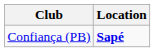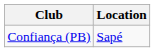 <table class="wikitable sortable">
 <tr>
 <th>Club</th>
 <th>Location</th>
 </tr>
 <tr>
 <td><a href='#'>Confiança (PB)</a></td>
-<td><strong><a href='#'>Sapé</a></strong></td>
+<td><a href='#'>Sapé</a></td>
 </tr>
 </table>
